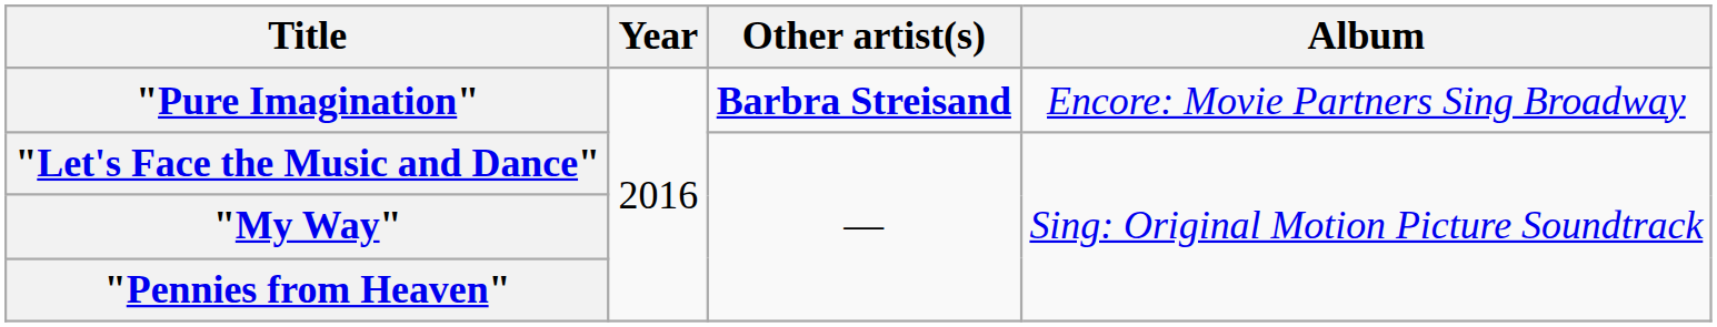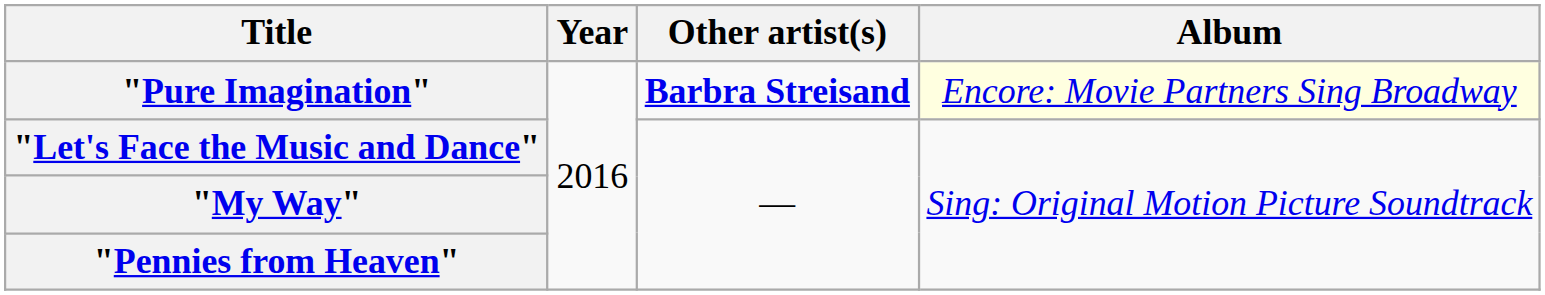 <table class="wikitable plainrowheaders" style="text-align:center;">
 <tr>
 <th scope="col">Title</th>
 <th scope="col">Year</th>
 <th scope="col">Other artist(s)</th>
 <th scope="col">Album</th>
 </tr>
 <tr>
 <th scope="row">"<a href='#'>Pure Imagination</a>"</th>
 <td rowspan="4">2016</td>
 <td><strong><a href='#'>Barbra Streisand</a></strong></td>
-<td><em><a href='#'>Encore: Movie Partners Sing Broadway</a></em></td>
+<td style="background: lightyellow;"><em><a href='#'>Encore: Movie Partners Sing Broadway</a></em></td>
 </tr>
 <tr>
 <th scope="row">"<a href='#'>Let's Face the Music and Dance</a>"</th>
 <td rowspan="3">—</td>
 <td rowspan="3"><em><a href='#'>Sing: Original Motion Picture Soundtrack</a></em></td>
 </tr>
 <tr>
 <th scope="row">"<a href='#'>My Way</a>"</th>
 </tr>
 <tr>
 <th scope="row">"<a href='#'>Pennies from Heaven</a>"</th>
 </tr>
 </table>
